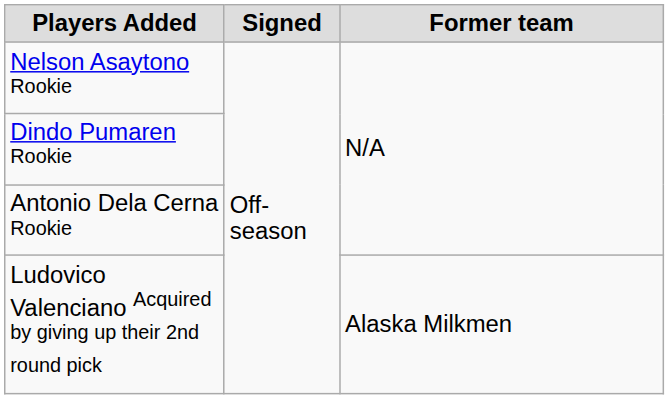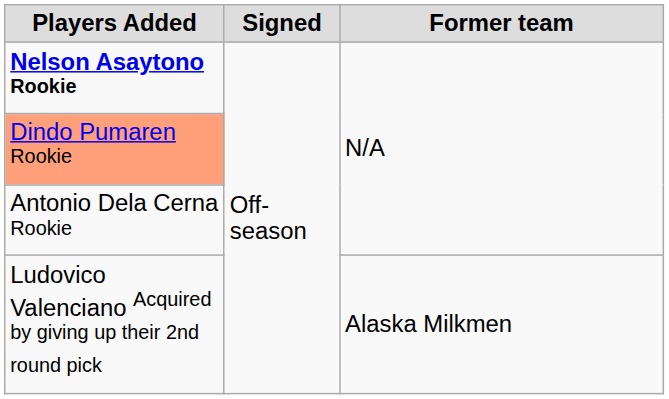 <table class="wikitable sortable sortable">
 <tr align="center" bgcolor="#dddddd">
 <td style="width:140px"><strong>Players Added</strong></td>
 <td style="width:70px"><strong>Signed</strong></td>
 <td style="width:210px"><strong>Former team</strong></td>
 </tr>
 <tr>
-<td><a href='#'>Nelson Asaytono</a> <sup>Rookie</sup></td>
+<td><strong><a href='#'>Nelson Asaytono</a> <sup>Rookie</sup></strong></td>
 <td rowspan="4">Off-season</td>
 <td rowspan="3">N/A</td>
 </tr>
 <tr>
-<td><a href='#'>Dindo Pumaren</a> <sup>Rookie</sup></td>
+<td style="background: lightsalmon;"><a href='#'>Dindo Pumaren</a> <sup>Rookie</sup></td>
 </tr>
 <tr>
 <td>Antonio Dela Cerna <sup>Rookie</sup></td>
 </tr>
 <tr>
 <td>Ludovico Valenciano <sup>Acquired by giving up their 2nd round pick</sup></td>
 <td>Alaska Milkmen</td>
 </tr>
 </table>
